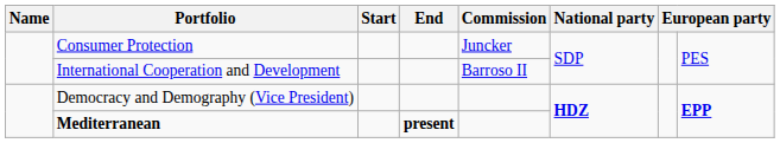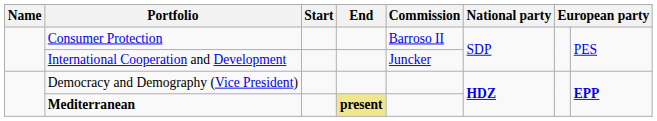 <table class="wikitable sortable" style="font-size: 90%;">
 <tr>
 <th>Name</th>
 <th>Portfolio</th>
 <th>Start</th>
 <th>End</th>
 <th>Commission</th>
 <th>National party</th>
 <th colspan=2>European party</th>
 </tr>
 <tr>
 <td rowspan=2></td>
 <td><a href='#'>Consumer Protection</a></td>
 <td></td>
 <td></td>
-<td><a href='#'>Juncker</a></td>
+<td><a href='#'>Barroso II</a></td>
 <td rowspan=2><a href='#'>SDP</a></td>
 <td rowspan=2 style="background:"></td>
 <td rowspan=2><a href='#'>PES</a></td>
 </tr>
 <tr>
 <td><a href='#'>International Cooperation</a> and <a href='#'>Development</a></td>
 <td></td>
 <td></td>
-<td><a href='#'>Barroso II</a></td>
+<td><a href='#'>Juncker</a></td>
 </tr>
 <tr>
 <td rowspan=2><strong></strong></td>
 <td>Democracy and Demography (<a href='#'>Vice President</a>)</td>
 <td></td>
 <td></td>
 <td></td>
 <td rowspan=2><strong><a href='#'>HDZ</a></strong></td>
 <td rowspan=2 style="background:"></td>
 <td rowspan=2><strong><a href='#'>EPP</a></strong></td>
 </tr>
 <tr>
 <td><strong>Mediterranean</strong></td>
 <td><strong></strong></td>
-<td><strong>present</strong></td>
+<td style="background: khaki;"><strong>present</strong></td>
 <td><strong></strong></td>
 </tr>
 </table>
